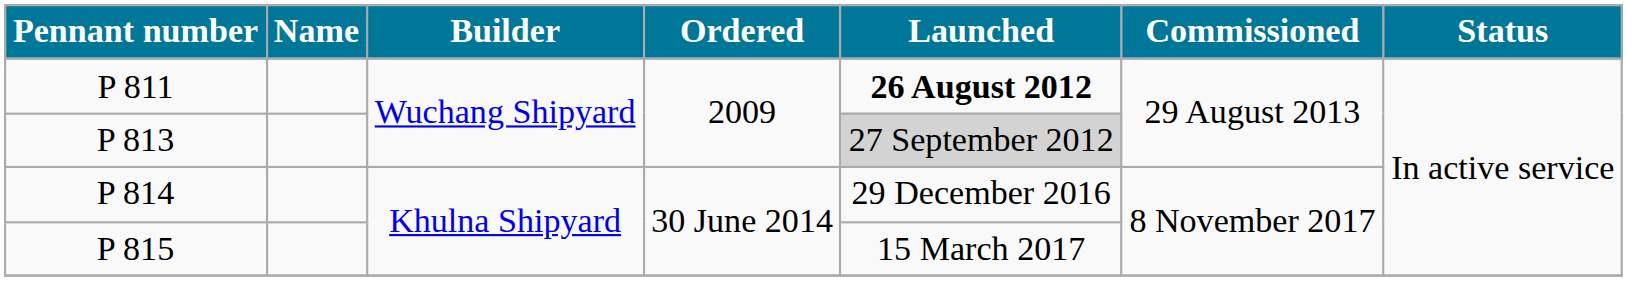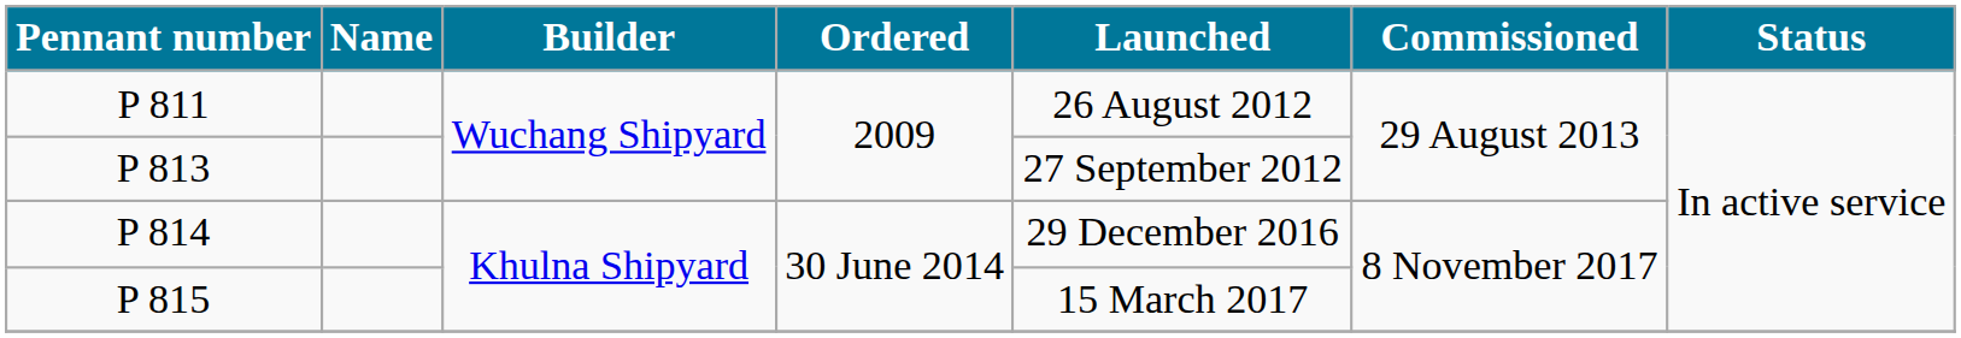 <table class="wikitable" style="text-align: center;">
 <tr>
 <th style="background:#079;color:#fff;">Pennant number</th>
 <th style="background:#079;color:#fff;">Name</th>
 <th style="background:#079;color:#fff;">Builder</th>
 <th style="background:#079;color:#fff;">Ordered</th>
 <th style="background:#079;color:#fff;">Launched</th>
 <th style="background:#079;color:#fff;">Commissioned</th>
 <th style="background:#079;color:#fff;">Status</th>
 </tr>
 <tr>
 <td>P 811</td>
 <td></td>
 <td rowspan=2><a href='#'>Wuchang Shipyard</a></td>
 <td rowspan=2>2009</td>
-<td><strong>26 August 2012</strong></td>
+<td>26 August 2012</td>
 <td rowspan=2>29 August 2013</td>
 <td rowspan=4>In active service</td>
 </tr>
 <tr>
 <td>P 813</td>
 <td></td>
-<td style="background: lightgrey;">27 September 2012</td>
+<td>27 September 2012</td>
 </tr>
 <tr>
 <td>P 814</td>
 <td></td>
 <td rowspan=2><a href='#'>Khulna Shipyard</a></td>
 <td rowspan=2>30 June 2014</td>
 <td>29 December 2016</td>
 <td rowspan=2>8 November 2017</td>
 </tr>
 <tr>
 <td>P 815</td>
 <td></td>
 <td>15 March 2017</td>
 </tr>
 <tr>
 </tr>
 </table>
